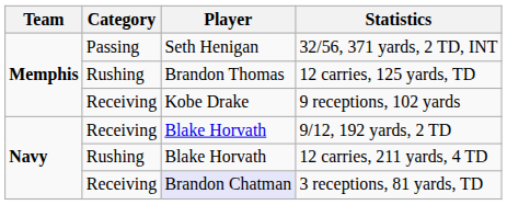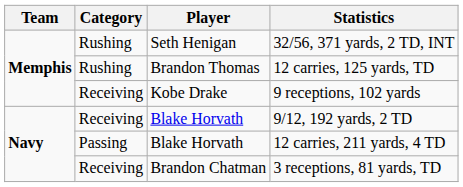 <table class="wikitable" style="float: right;">
 <tr>
 <th>Team</th>
 <th>Category</th>
 <th>Player</th>
 <th>Statistics</th>
 </tr>
 <tr>
 <td rowspan=3><strong>Memphis</strong></td>
-<td>Passing</td>
+<td>Rushing</td>
 <td>Seth Henigan</td>
 <td>32/56, 371 yards, 2 TD, INT</td>
 </tr>
 <tr>
 <td>Rushing</td>
 <td>Brandon Thomas</td>
 <td>12 carries, 125 yards, TD</td>
 </tr>
 <tr>
 <td>Receiving</td>
 <td>Kobe Drake</td>
 <td>9 receptions, 102 yards</td>
 </tr>
 <tr>
 <td rowspan=3><strong>Navy</strong></td>
 <td>Receiving</td>
 <td><a href='#'>Blake Horvath</a></td>
 <td>9/12, 192 yards, 2 TD</td>
 </tr>
 <tr>
-<td>Rushing</td>
+<td>Passing</td>
 <td>Blake Horvath</td>
 <td>12 carries, 211 yards, 4 TD</td>
 </tr>
 <tr>
 <td>Receiving</td>
-<td style="background: lavender;">Brandon Chatman</td>
+<td>Brandon Chatman</td>
 <td>3 receptions, 81 yards, TD</td>
 </tr>
 </table>
